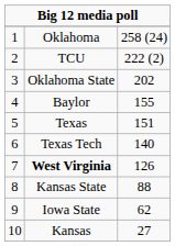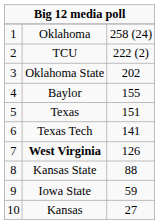 <table class="wikitable" style="display: inline-table;">
 <tr>
 <td align="center" Colspan="3"><strong>Big 12 media poll</strong></td>
 </tr>
 <tr align="center">
 </tr>
 <tr align="center">
 <td>1</td>
 <td>Oklahoma</td>
 <td>258 (24)</td>
 </tr>
 <tr align="center">
 <td>2</td>
 <td>TCU</td>
 <td>222 (2)</td>
 </tr>
 <tr align="center">
 <td>3</td>
 <td>Oklahoma State</td>
 <td>202</td>
 </tr>
 <tr align="center">
 <td>4</td>
 <td>Baylor</td>
 <td>155</td>
 </tr>
 <tr align="center">
 <td>5</td>
 <td>Texas</td>
 <td>151</td>
 </tr>
 <tr align="center">
 <td>6</td>
 <td>Texas Tech</td>
-<td>140</td>
+<td>141</td>
 </tr>
 <tr align="center">
 <td>7</td>
 <td><strong>West Virginia</strong></td>
 <td>126</td>
 </tr>
 <tr align="center">
 <td>8</td>
 <td>Kansas State</td>
 <td>88</td>
 </tr>
 <tr align="center">
 <td>9</td>
 <td>Iowa State</td>
-<td>62</td>
+<td>59</td>
 </tr>
 <tr align="center">
 <td>10</td>
 <td>Kansas</td>
 <td>27</td>
 </tr>
 </table>
